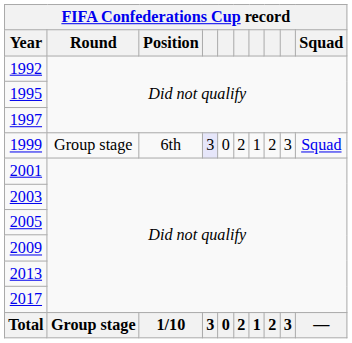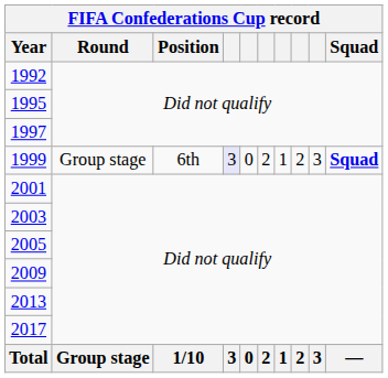 <table class="wikitable" style="text-align: center;">
 <tr>
 <th colspan=10><a href='#'>FIFA Confederations Cup</a> record</th>
 </tr>
 <tr>
 <th>Year</th>
 <th>Round</th>
 <th>Position</th>
 <th></th>
 <th></th>
 <th></th>
 <th></th>
 <th></th>
 <th></th>
 <th>Squad</th>
 </tr>
 <tr>
 <td> <a href='#'>1992</a></td>
 <td colspan=9 rowspan=3><em>Did not qualify</em></td>
 </tr>
 <tr>
 <td> <a href='#'>1995</a></td>
 </tr>
 <tr>
 <td> <a href='#'>1997</a></td>
 </tr>
 <tr>
 <td> <a href='#'>1999</a></td>
 <td>Group stage</td>
 <td>6th</td>
 <td style="background: lavender;">3</td>
 <td>0</td>
 <td>2</td>
 <td>1</td>
 <td>2</td>
 <td>3</td>
-<td><a href='#'>Squad</a></td>
+<td><strong><a href='#'>Squad</a></strong></td>
 </tr>
 <tr>
 <td>  <a href='#'>2001</a></td>
 <td colspan=9 rowspan=6><em>Did not qualify</em></td>
 </tr>
 <tr>
 <td> <a href='#'>2003</a></td>
 </tr>
 <tr>
 <td> <a href='#'>2005</a></td>
 </tr>
 <tr>
 <td> <a href='#'>2009</a></td>
 </tr>
 <tr>
 <td> <a href='#'>2013</a></td>
 </tr>
 <tr>
 <td> <a href='#'>2017</a></td>
 </tr>
 <tr>
 <th>Total</th>
 <th>Group stage</th>
 <th>1/10</th>
 <th>3</th>
 <th>0</th>
 <th>2</th>
 <th>1</th>
 <th>2</th>
 <th>3</th>
 <th>—</th>
 </tr>
 </table>
